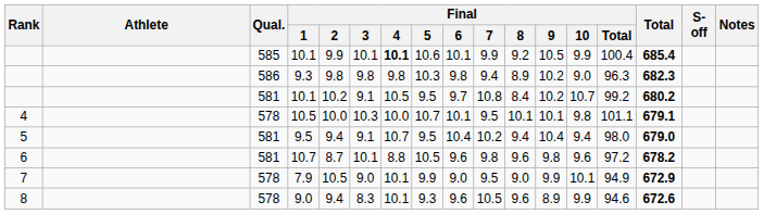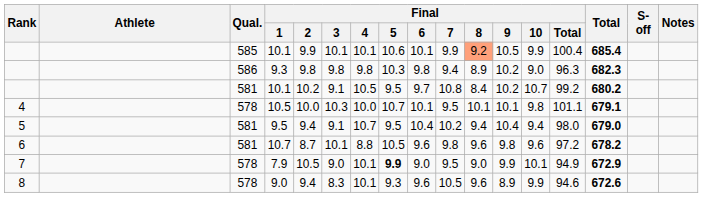 <table class="wikitable" style="text-align:center">
 <tr>
 <th rowspan=2 width=40>Rank</th>
 <th rowspan=2 width=250>Athlete</th>
 <th rowspan=2 width=40>Qual.</th>
 <th colspan=11>Final</th>
 <th rowspan=2 width=50>Total</th>
 <th rowspan=2 width=35>S-off</th>
 <th rowspan=2 width=45>Notes</th>
 </tr>
 <tr>
 <th width=30>1</th>
 <th width=30>2</th>
 <th width=30>3</th>
 <th width=30>4</th>
 <th width=30>5</th>
 <th width=30>6</th>
 <th width=30>7</th>
 <th width=30>8</th>
 <th width=30>9</th>
 <th width=30>10</th>
 <th width=40>Total</th>
 </tr>
 <tr>
 <td></td>
 <td align=left></td>
 <td>585</td>
 <td>10.1</td>
 <td>9.9</td>
 <td>10.1</td>
-<td><strong>10.1</strong></td>
+<td>10.1</td>
 <td>10.6</td>
 <td>10.1</td>
 <td>9.9</td>
-<td>9.2</td>
+<td style="background: lightsalmon;">9.2</td>
 <td>10.5</td>
 <td>9.9</td>
 <td>100.4</td>
 <td><strong>685.4</strong></td>
 <td></td>
 <td></td>
 </tr>
 <tr>
 <td></td>
 <td align=left></td>
 <td>586</td>
 <td>9.3</td>
 <td>9.8</td>
 <td>9.8</td>
 <td>9.8</td>
 <td>10.3</td>
 <td>9.8</td>
 <td>9.4</td>
 <td>8.9</td>
 <td>10.2</td>
 <td>9.0</td>
 <td>96.3</td>
 <td><strong>682.3</strong></td>
 <td></td>
 <td></td>
 </tr>
 <tr>
 <td></td>
 <td align=left></td>
 <td>581</td>
 <td>10.1</td>
 <td>10.2</td>
 <td>9.1</td>
 <td>10.5</td>
 <td>9.5</td>
 <td>9.7</td>
 <td>10.8</td>
 <td>8.4</td>
 <td>10.2</td>
 <td>10.7</td>
 <td>99.2</td>
 <td><strong>680.2</strong></td>
 <td></td>
 <td></td>
 </tr>
 <tr>
 <td>4</td>
 <td align=left></td>
 <td>578</td>
 <td>10.5</td>
 <td>10.0</td>
 <td>10.3</td>
 <td>10.0</td>
 <td>10.7</td>
 <td>10.1</td>
 <td>9.5</td>
 <td>10.1</td>
 <td>10.1</td>
 <td>9.8</td>
 <td>101.1</td>
 <td><strong>679.1</strong></td>
 <td></td>
 <td></td>
 </tr>
 <tr>
 <td>5</td>
 <td align=left></td>
 <td>581</td>
 <td>9.5</td>
 <td>9.4</td>
 <td>9.1</td>
 <td>10.7</td>
 <td>9.5</td>
 <td>10.4</td>
 <td>10.2</td>
 <td>9.4</td>
 <td>10.4</td>
 <td>9.4</td>
 <td>98.0</td>
 <td><strong>679.0</strong></td>
 <td></td>
 <td></td>
 </tr>
 <tr>
 <td>6</td>
 <td align=left></td>
 <td>581</td>
 <td>10.7</td>
 <td>8.7</td>
 <td>10.1</td>
 <td>8.8</td>
 <td>10.5</td>
 <td>9.6</td>
 <td>9.8</td>
 <td>9.6</td>
 <td>9.8</td>
 <td>9.6</td>
 <td>97.2</td>
 <td><strong>678.2</strong></td>
 <td></td>
 <td></td>
 </tr>
 <tr>
 <td>7</td>
 <td align=left></td>
 <td>578</td>
 <td>7.9</td>
 <td>10.5</td>
 <td>9.0</td>
 <td>10.1</td>
-<td>9.9</td>
+<td><strong>9.9</strong></td>
 <td>9.0</td>
 <td>9.5</td>
 <td>9.0</td>
 <td>9.9</td>
 <td>10.1</td>
 <td>94.9</td>
 <td><strong>672.9</strong></td>
 <td></td>
 <td></td>
 </tr>
 <tr>
 <td>8</td>
 <td align=left></td>
 <td>578</td>
 <td>9.0</td>
 <td>9.4</td>
 <td>8.3</td>
 <td>10.1</td>
 <td>9.3</td>
 <td>9.6</td>
 <td>10.5</td>
 <td>9.6</td>
 <td>8.9</td>
 <td>9.9</td>
 <td>94.6</td>
 <td><strong>672.6</strong></td>
 <td></td>
 <td></td>
 </tr>
 </table>
